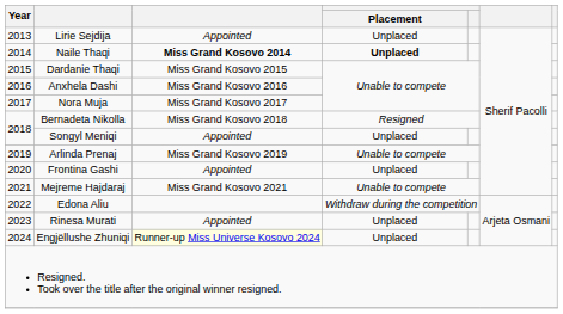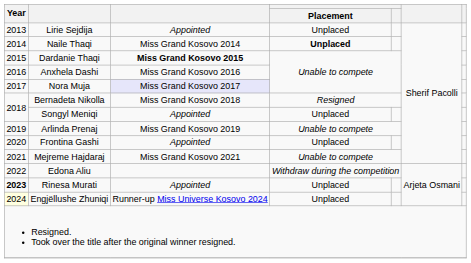 <table class="wikitable" style="font-size: 90%; text-align:center;">
 <tr>
 <th rowspan="2">Year</th>
 <th rowspan="2"></th>
 <th rowspan="2"></th>
 <th colspan="2"></th>
 <th rowspan="2"></th>
 <th rowspan="2"></th>
 </tr>
 <tr>
 <th>Placement</th>
 <th></th>
 </tr>
 <tr>
 <td>2013</td>
 <td>Lirie Sejdija</td>
 <td><em>Appointed</em></td>
 <td>Unplaced</td>
 <td></td>
 <td rowspan="10">Sherif Pacolli</td>
 <td></td>
 </tr>
 <tr>
 <td>2014</td>
 <td>Naile Thaqi</td>
-<td><strong>Miss Grand Kosovo 2014</strong></td>
+<td>Miss Grand Kosovo 2014</td>
 <td><strong>Unplaced</strong></td>
 <td></td>
 <td></td>
 </tr>
 <tr>
 <td>2015</td>
 <td>Dardanie Thaqi</td>
-<td>Miss Grand Kosovo 2015</td>
+<td><strong>Miss Grand Kosovo 2015</strong></td>
 <td rowspan="3" colspan="2"><em>Unable to compete</em></td>
 <td></td>
 </tr>
 <tr>
 <td>2016</td>
 <td>Anxhela Dashi</td>
 <td>Miss Grand Kosovo 2016</td>
 <td></td>
 </tr>
 <tr>
 <td>2017</td>
 <td>Nora Muja</td>
-<td>Miss Grand Kosovo 2017</td>
+<td style="background: lavender;">Miss Grand Kosovo 2017</td>
 <td></td>
 </tr>
 <tr>
 <td rowspan="2">2018</td>
 <td>Bernadeta Nikolla</td>
 <td>Miss Grand Kosovo 2018</td>
 <td colspan="2"><em>Resigned</em></td>
 <td></td>
 </tr>
 <tr>
 <td>Songyl Meniqi</td>
 <td><em>Appointed</em></td>
 <td>Unplaced</td>
 <td></td>
 <td></td>
 </tr>
 <tr>
 <td>2019</td>
 <td>Arlinda Prenaj</td>
 <td>Miss Grand Kosovo 2019</td>
 <td colspan="2"><em>Unable to compete</em></td>
 <td></td>
 </tr>
 <tr>
 <td>2020</td>
 <td>Frontina Gashi</td>
 <td><em>Appointed</em></td>
 <td>Unplaced</td>
 <td></td>
 <td></td>
 </tr>
 <tr>
 <td>2021</td>
 <td>Mejreme Hajdaraj</td>
 <td>Miss Grand Kosovo 2021</td>
 <td colspan="2"><em>Unable to compete</em></td>
 <td></td>
 </tr>
 <tr>
 <td>2022</td>
 <td>Edona Aliu</td>
 <td></td>
 <td colspan="2"><em>Withdraw during the competition</em></td>
 <td rowspan=3>Arjeta Osmani</td>
 <td></td>
 </tr>
 <tr>
-<td>2023</td>
+<td><strong>2023</strong></td>
 <td>Rinesa Murati</td>
 <td><em>Appointed</em></td>
 <td>Unplaced</td>
 <td></td>
 <td></td>
 </tr>
 <tr>
-<td>2024</td>
+<td style="background: lightyellow;">2024</td>
 <td>Engjëllushe Zhuniqi</td>
-<td style="background: lightyellow;">Runner-up <a href='#'>Miss Universe Kosovo 2024</a></td>
+<td>Runner-up <a href='#'>Miss Universe Kosovo 2024</a></td>
 <td>Unplaced</td>
 <td></td>
 <td></td>
 </tr>
 <tr>
 <td colspan="7" align=left><br><ul><li> Resigned.</li><li> Took over the title after the original winner resigned.</li></ul></td>
 </tr>
 <tr>
 </tr>
 </table>
